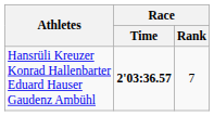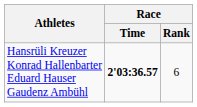 <table class="wikitable" border="1" style="font-size:90%">
 <tr>
 <th rowspan=2>Athletes</th>
 <th colspan=2>Race</th>
 </tr>
 <tr>
 <th>Time</th>
 <th>Rank</th>
 </tr>
 <tr>
 <td><a href='#'>Hansrüli Kreuzer</a><br><a href='#'>Konrad Hallenbarter</a><br><a href='#'>Eduard Hauser</a><br><a href='#'>Gaudenz Ambühl</a></td>
 <td align=center><strong>2'03:36.57</strong></td>
-<td align=center>7</td>
+<td align=center>6</td>
 </tr>
 </table>
